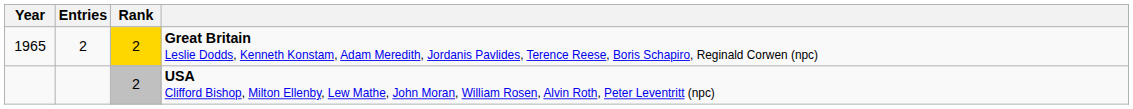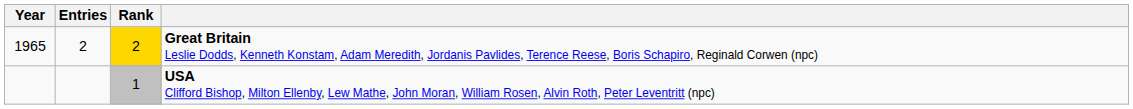 <table class="wikitable" style="width:100%; text-align:center;">
 <tr>
 <th>Year</th>
 <th>Entries</th>
 <th>Rank</th>
 <th></th>
 </tr>
 <tr>
 <td width=50>1965</td>
 <td align=center width=50>2</td>
 <td style="background:gold; width:50px;">2</td>
 <td align=left> <strong>Great Britain</strong><br><small><a href='#'>Leslie Dodds</a>, <a href='#'>Kenneth Konstam</a>, <a href='#'>Adam Meredith</a>, <a href='#'>Jordanis Pavlides</a>, <a href='#'>Terence Reese</a>, <a href='#'>Boris Schapiro</a>, Reginald Corwen (npc)</small></td>
 </tr>
 <tr>
 <td></td>
 <td></td>
-<td style="background:silver;">2</td>
+<td style="background:silver;">1</td>
 <td align=left> <strong>USA</strong><br><small><a href='#'>Clifford Bishop</a>, <a href='#'>Milton Ellenby</a>, <a href='#'>Lew Mathe</a>, <a href='#'>John Moran</a>, <a href='#'>William Rosen</a>, <a href='#'>Alvin Roth</a>, <a href='#'>Peter Leventritt</a> (npc)</small></td>
 </tr>
 </table>
